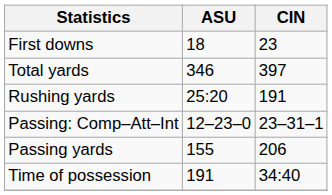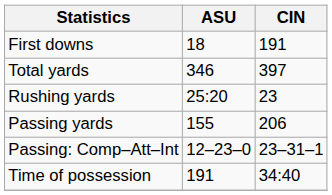 <table class="wikitable" style="float: left;">
 <tr>
 <th>Statistics</th>
 <th>ASU</th>
 <th>CIN</th>
 </tr>
 <tr>
 <td>First downs</td>
 <td>18</td>
-<td>23</td>
+<td>191</td>
 </tr>
 <tr>
 <td>Total yards</td>
 <td>346</td>
 <td>397</td>
 </tr>
 <tr>
 <td>Rushing yards</td>
 <td>25:20</td>
-<td>191</td>
+<td>23</td>
+</tr>
+<tr>
+<td>Passing yards</td>
+<td>155</td>
+<td>206</td>
 </tr>
 <tr>
 <td>Passing: Comp–Att–Int</td>
 <td>12–23–0</td>
 <td>23–31–1</td>
-</tr>
-<tr>
-<td>Passing yards</td>
-<td>155</td>
-<td>206</td>
 </tr>
 <tr>
 <td>Time of possession</td>
 <td>191</td>
 <td>34:40</td>
 </tr>
 <tr>
 </tr>
 </table>
